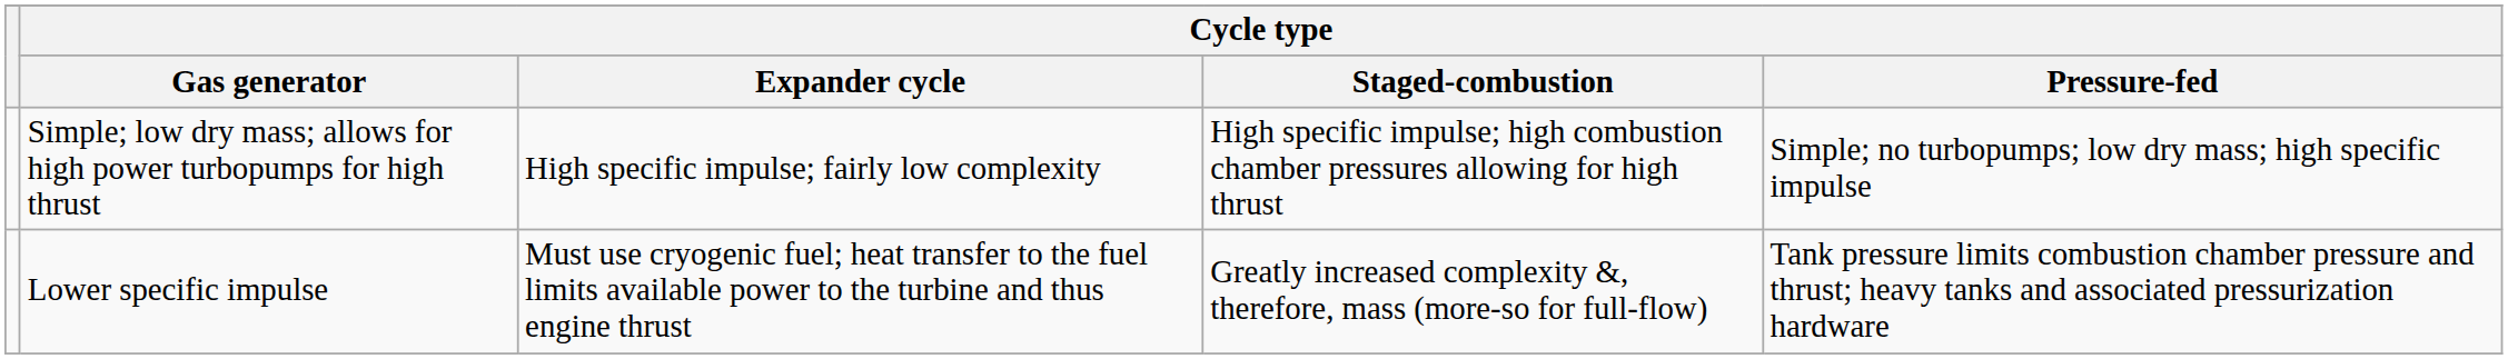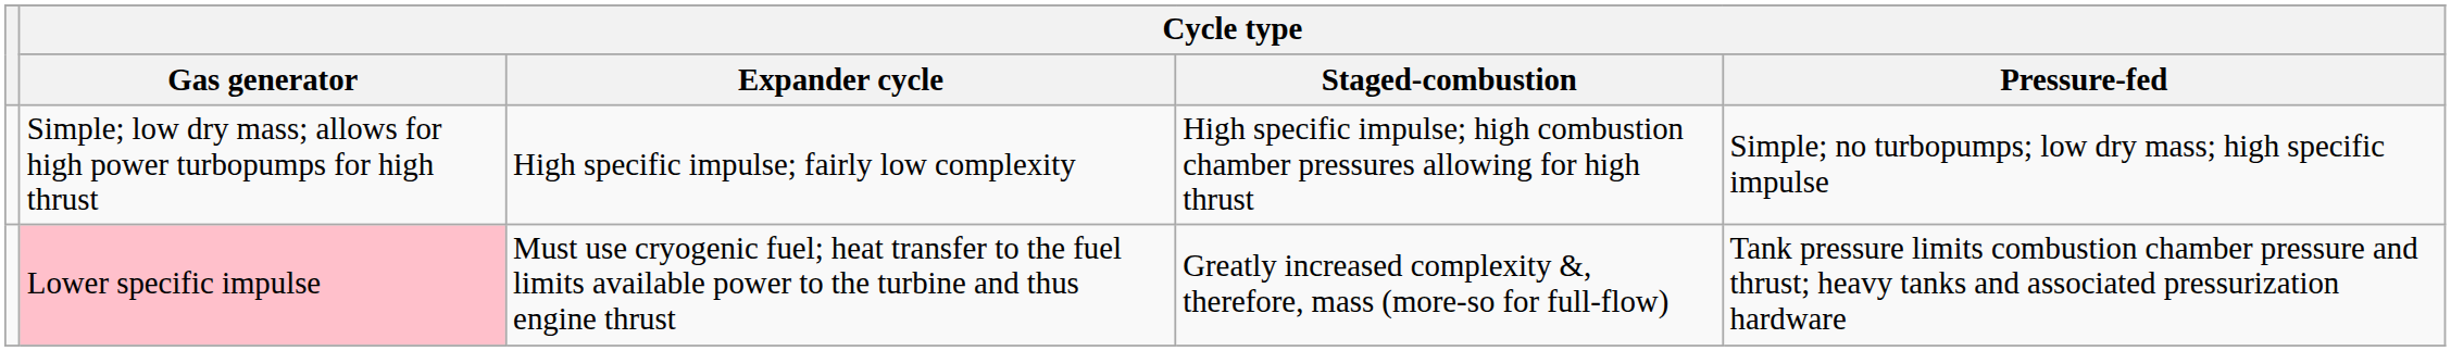 <table class="wikitable">
 <tr>
 </tr>
 <tr>
 <th rowspan=2></th>
 <th colspan=4>Cycle type</th>
 </tr>
 <tr>
 <th>Gas generator</th>
 <th>Expander cycle</th>
 <th>Staged-combustion</th>
 <th>Pressure-fed</th>
 </tr>
 <tr>
 <td></td>
 <td>Simple; low dry mass; allows for high power turbopumps for high thrust</td>
 <td>High specific impulse; fairly low complexity</td>
 <td>High specific impulse; high combustion chamber pressures allowing for high thrust</td>
 <td>Simple; no turbopumps; low dry mass; high specific impulse</td>
 </tr>
 <tr>
 <td></td>
-<td>Lower specific impulse</td>
+<td style="background: pink;">Lower specific impulse</td>
 <td>Must use cryogenic fuel; heat transfer to the fuel limits available power to the turbine and thus engine thrust</td>
 <td>Greatly increased complexity &, therefore, mass (more-so for full-flow)</td>
 <td>Tank pressure limits combustion chamber pressure and thrust; heavy tanks and associated pressurization hardware</td>
 </tr>
 </table>
